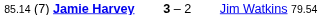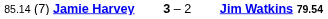 <table style="text-align:center">
 <tr>
 <th width=223></th>
 <th width=100></th>
 <th width=223></th>
 </tr>
 <tr>
 <td align=right><small>85.14</small> (7) <strong><a href='#'>Jamie Harvey</a></strong> </td>
 <td><strong>3</strong> – 2</td>
-<td align=left> <a href='#'>Jim Watkins</a> <small>79.54</small></td>
+<td align=left><strong> <a href='#'>Jim Watkins</a> <small>79.54</small></strong></td>
 </tr>
 </table>
